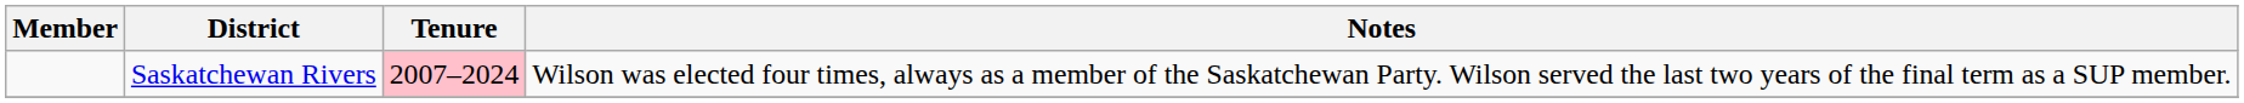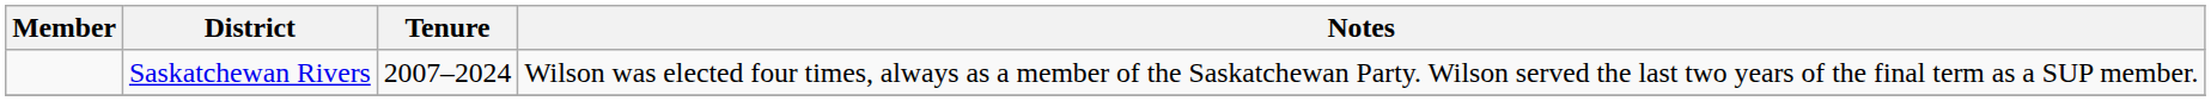 <table class="wikitable sortable">
 <tr>
 <th>Member</th>
 <th>District</th>
 <th>Tenure</th>
 <th class=unsortable>Notes</th>
 </tr>
 <tr>
 <td></td>
 <td><a href='#'>Saskatchewan Rivers</a></td>
-<td style="background: pink;">2007–2024</td>
+<td>2007–2024</td>
 <td>Wilson was elected four times, always as a member of the Saskatchewan Party. Wilson served the last two years of the final term as a SUP member.</td>
 </tr>
 <tr>
 </tr>
 </table>
